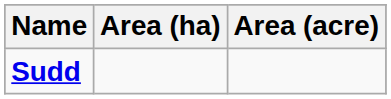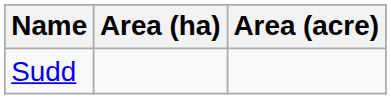 <table class="wikitable sortable">
 <tr>
 <th scope="col" align=left>Name</th>
 <th scope="col">Area (ha)</th>
 <th scope="col">Area (acre)</th>
 </tr>
 <tr ---->
-<td><strong><a href='#'>Sudd</a></strong></td>
+<td><a href='#'>Sudd</a></td>
 <td></td>
 </tr>
 </table>
